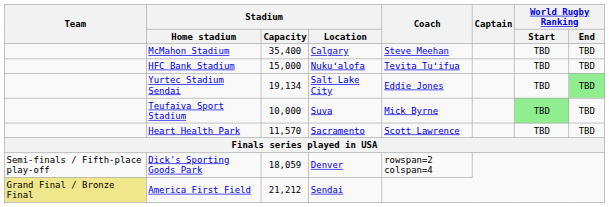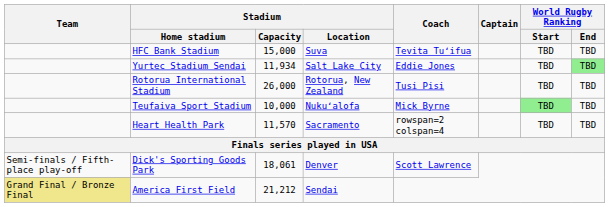 <table class="wikitable">
 <tr>
 <th rowspan="2">Team</th>
 <th colspan="3">Stadium</th>
 <th rowspan="2">Coach</th>
 <th rowspan="2">Captain</th>
 <th colspan="2"><a href='#'>World Rugby Ranking</a></th>
 </tr>
 <tr>
 <th>Home stadium</th>
 <th>Capacity</th>
 <th>Location</th>
 <th>Start</th>
 <th>End</th>
 </tr>
 <tr>
 <td></td>
-<td><a href='#'>McMahon Stadium</a></td>
-<td align=center>35,400</td>
-<td><a href='#'>Calgary</a></td>
-<td> <a href='#'>Steve Meehan</a></td>
-<td></td>
-<td align=center>TBD</td>
-<td align=center>TBD</td>
-</tr>
-<tr>
-<td></td>
 <td><a href='#'>HFC Bank Stadium</a></td>
 <td align=center>15,000</td>
-<td><a href='#'>Nukuʻalofa</a></td>
+<td><a href='#'>Suva</a></td>
 <td> <a href='#'>Tevita Tuʻifua</a></td>
 <td></td>
 <td align=center>TBD</td>
 <td align=center>TBD</td>
 </tr>
 <tr>
 <td></td>
 <td><a href='#'>Yurtec Stadium Sendai</a></td>
-<td align=center>19,134</td>
+<td align=center>11,934</td>
 <td><a href='#'>Salt Lake City</a></td>
 <td> <a href='#'>Eddie Jones</a></td>
 <td></td>
 <td align=center>TBD</td>
 <td align=center style="background: lightgreen;">TBD</td>
 </tr>
 <tr>
 <td></td>
+<td><a href='#'>Rotorua International Stadium</a></td>
+<td align=center>26,000</td>
+<td><a href='#'>Rotorua</a>, <a href='#'>New Zealand</a></td>
+<td> <a href='#'>Tusi Pisi</a></td>
+<td></td>
+<td align=center>TBD</td>
+<td align=center>TBD</td>
+</tr>
+<tr>
+<td></td>
 <td><a href='#'>Teufaiva Sport Stadium</a></td>
 <td align=center>10,000</td>
-<td><a href='#'>Suva</a></td>
+<td><a href='#'>Nukuʻalofa</a></td>
 <td> <a href='#'>Mick Byrne</a></td>
 <td></td>
 <td align=center style="background: lightgreen;">TBD</td>
 <td align=center>TBD</td>
 </tr>
 <tr>
 <td></td>
 <td><a href='#'>Heart Health Park</a></td>
 <td align=center>11,570</td>
 <td><a href='#'>Sacramento</a></td>
-<td> <a href='#'>Scott Lawrence</a></td>
+<td>rowspan=2 colspan=4 </td>
 <td></td>
 <td align=center>TBD</td>
 <td align=center>TBD</td>
 </tr>
 <tr>
 <th colspan=8>Finals series played in  USA</th>
 </tr>
 <tr>
 <td>Semi-finals / Fifth-place play-off</td>
 <td><a href='#'>Dick's Sporting Goods Park</a></td>
-<td align=center>18,059</td>
+<td align=center>18,061</td>
 <td><a href='#'>Denver</a></td>
-<td>rowspan=2 colspan=4 </td>
+<td> <a href='#'>Scott Lawrence</a></td>
 </tr>
 <tr>
 <td style="background: khaki;">Grand Final / Bronze Final</td>
 <td><a href='#'>America First Field</a></td>
 <td align=center>21,212</td>
 <td><a href='#'>Sendai</a></td>
 </tr>
 </table>
